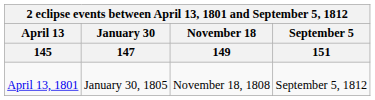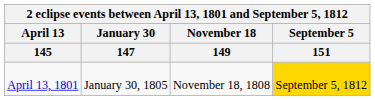 <table class="wikitable mw-collapsible mw-collapsed">
 <tr>
 <th colspan=5>2 eclipse events between April 13, 1801 and September 5, 1812</th>
 </tr>
 <tr>
 <th>April 13</th>
 <th>January 30</th>
 <th>November 18</th>
 <th>September 5</th>
 </tr>
 <tr>
 <th>145</th>
 <th>147</th>
 <th>149</th>
 <th>151</th>
 </tr>
 <tr style="text-align:center;">
 <td><br><a href='#'>April 13, 1801</a></td>
 <td><br>January 30, 1805</td>
 <td><br>November 18, 1808</td>
-<td><br>September 5, 1812</td>
+<td style="background: gold;"><br>September 5, 1812</td>
 </tr>
 </table>
